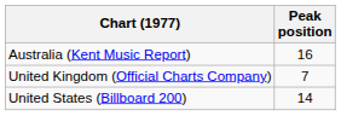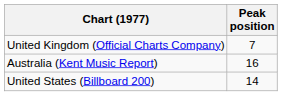 <table class="wikitable">
 <tr>
 <th scope="col">Chart (1977)</th>
 <th>Peak<br>position</th>
 </tr>
 <tr>
+<td>United Kingdom (<a href='#'>Official Charts Company</a>)</td>
+<td style="text-align:center;">7</td>
+</tr>
+<tr>
 <td>Australia (<a href='#'>Kent Music Report</a>)</td>
 <td style="text-align:center;">16</td>
-</tr>
-<tr>
-<td>United Kingdom (<a href='#'>Official Charts Company</a>)</td>
-<td style="text-align:center;">7</td>
 </tr>
 <tr>
 <td>United States (<a href='#'>Billboard 200</a>)</td>
 <td style="text-align:center;">14</td>
 </tr>
 </table>
